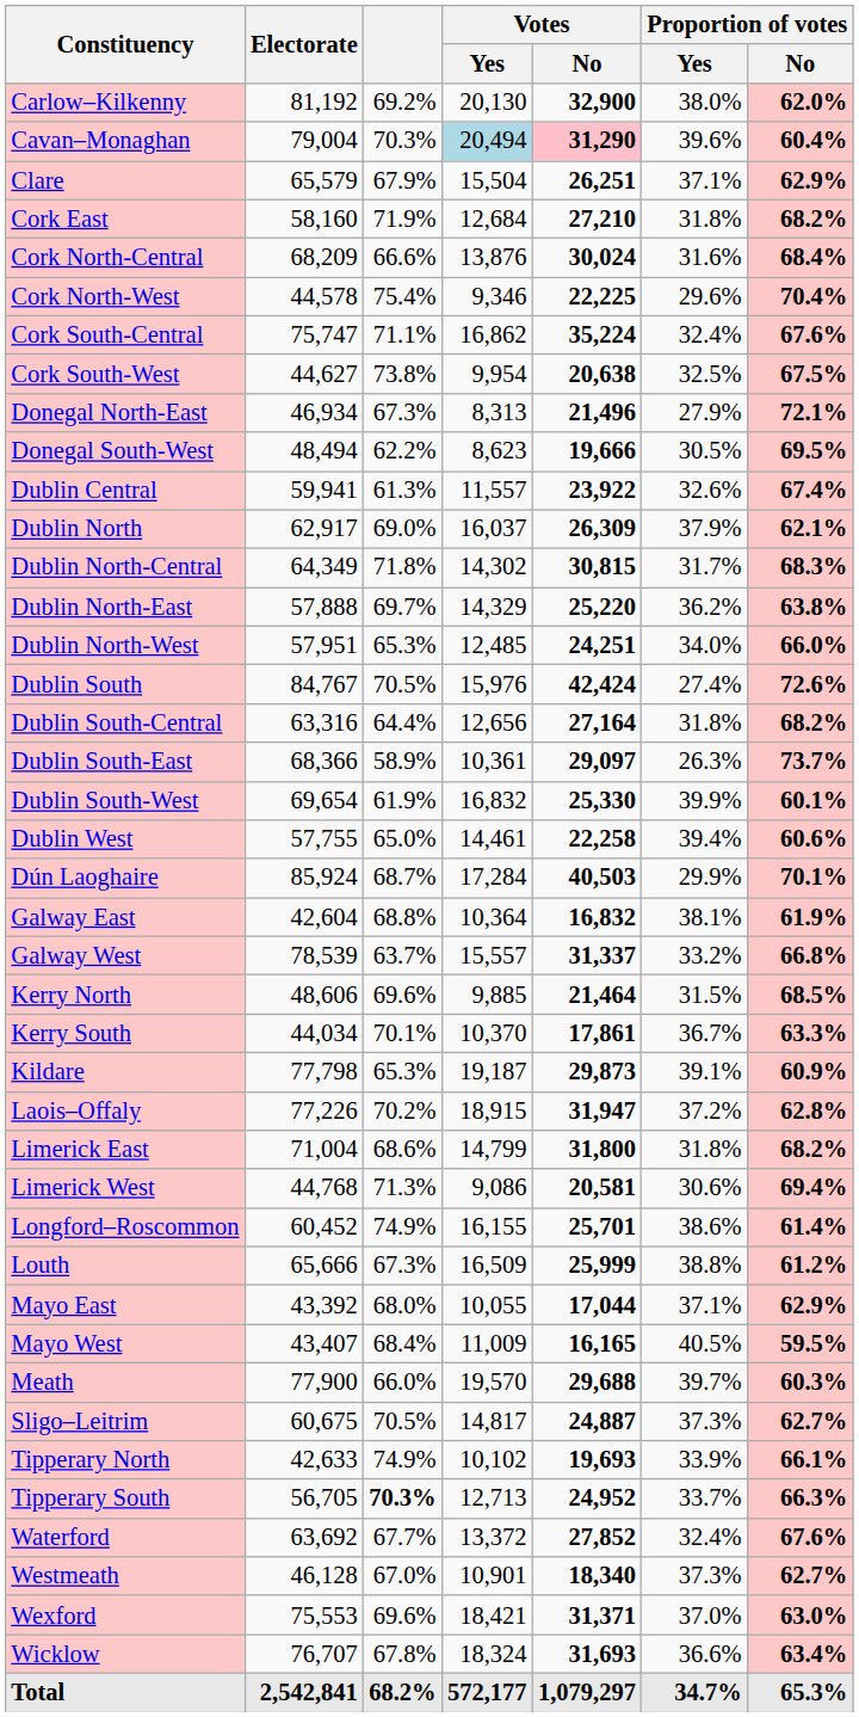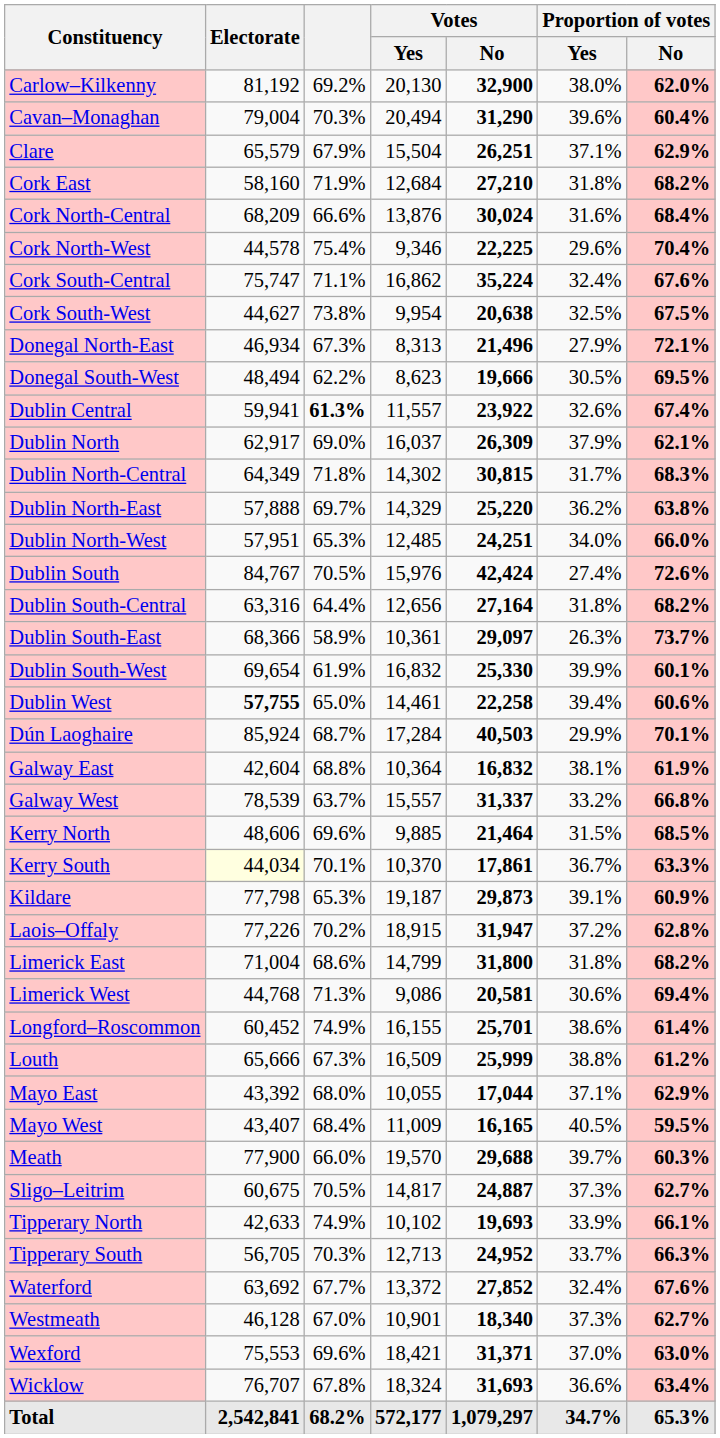 <table class="wikitable sortable">
 <tr>
 <th rowspan=2>Constituency</th>
 <th rowspan=2>Electorate</th>
 <th rowspan=2></th>
 <th colspan=2>Votes</th>
 <th colspan=2>Proportion of votes</th>
 </tr>
 <tr>
 <th>Yes</th>
 <th>No</th>
 <th>Yes</th>
 <th>No</th>
 </tr>
 <tr>
 <td style="background:#ffc8c8;"><a href='#'>Carlow–Kilkenny</a></td>
 <td style="text-align: right;">81,192</td>
 <td style="text-align: right;">69.2%</td>
 <td style="text-align: right;">20,130</td>
 <td style="text-align: right;"><strong>32,900</strong></td>
 <td style="text-align: right;">38.0%</td>
 <td style="text-align: right; background:#ffc8c8;"><strong>62.0%</strong></td>
 </tr>
 <tr>
 <td style="background:#ffc8c8;"><a href='#'>Cavan–Monaghan</a></td>
 <td style="text-align: right;">79,004</td>
 <td style="text-align: right;">70.3%</td>
-<td style="background: lightblue; text-align: right;">20,494</td>
-<td style="background: pink; text-align: right;"><strong>31,290</strong></td>
+<td style="text-align: right;">20,494</td>
+<td style="text-align: right;"><strong>31,290</strong></td>
 <td style="text-align: right;">39.6%</td>
 <td style="text-align: right; background:#ffc8c8;"><strong>60.4%</strong></td>
 </tr>
 <tr>
 <td style="background:#ffc8c8;"><a href='#'>Clare</a></td>
 <td style="text-align: right;">65,579</td>
 <td style="text-align: right;">67.9%</td>
 <td style="text-align: right;">15,504</td>
 <td style="text-align: right;"><strong>26,251</strong></td>
 <td style="text-align: right;">37.1%</td>
 <td style="text-align: right; background:#ffc8c8;"><strong>62.9%</strong></td>
 </tr>
 <tr>
 <td style="background:#ffc8c8;"><a href='#'>Cork East</a></td>
 <td style="text-align: right;">58,160</td>
 <td style="text-align: right;">71.9%</td>
 <td style="text-align: right;">12,684</td>
 <td style="text-align: right;"><strong>27,210</strong></td>
 <td style="text-align: right;">31.8%</td>
 <td style="text-align: right; background:#ffc8c8;"><strong>68.2%</strong></td>
 </tr>
 <tr>
 <td style="background:#ffc8c8;"><a href='#'>Cork North-Central</a></td>
 <td style="text-align: right;">68,209</td>
 <td style="text-align: right;">66.6%</td>
 <td style="text-align: right;">13,876</td>
 <td style="text-align: right;"><strong>30,024</strong></td>
 <td style="text-align: right;">31.6%</td>
 <td style="text-align: right; background:#ffc8c8;"><strong>68.4%</strong></td>
 </tr>
 <tr>
 <td style="background:#ffc8c8;"><a href='#'>Cork North-West</a></td>
 <td style="text-align: right;">44,578</td>
 <td style="text-align: right;">75.4%</td>
 <td style="text-align: right;">9,346</td>
 <td style="text-align: right;"><strong>22,225</strong></td>
 <td style="text-align: right;">29.6%</td>
 <td style="text-align: right; background:#ffc8c8;"><strong>70.4%</strong></td>
 </tr>
 <tr>
 <td style="background:#ffc8c8;"><a href='#'>Cork South-Central</a></td>
 <td style="text-align: right;">75,747</td>
 <td style="text-align: right;">71.1%</td>
 <td style="text-align: right;">16,862</td>
 <td style="text-align: right;"><strong>35,224</strong></td>
 <td style="text-align: right;">32.4%</td>
 <td style="text-align: right; background:#ffc8c8;"><strong>67.6%</strong></td>
 </tr>
 <tr>
 <td style="background:#ffc8c8;"><a href='#'>Cork South-West</a></td>
 <td style="text-align: right;">44,627</td>
 <td style="text-align: right;">73.8%</td>
 <td style="text-align: right;">9,954</td>
 <td style="text-align: right;"><strong>20,638</strong></td>
 <td style="text-align: right;">32.5%</td>
 <td style="text-align: right; background:#ffc8c8;"><strong>67.5%</strong></td>
 </tr>
 <tr>
 <td style="background:#ffc8c8;"><a href='#'>Donegal North-East</a></td>
 <td style="text-align: right;">46,934</td>
 <td style="text-align: right;">67.3%</td>
 <td style="text-align: right;">8,313</td>
 <td style="text-align: right;"><strong>21,496</strong></td>
 <td style="text-align: right;">27.9%</td>
 <td style="text-align: right; background:#ffc8c8;"><strong>72.1%</strong></td>
 </tr>
 <tr>
 <td style="background:#ffc8c8;"><a href='#'>Donegal South-West</a></td>
 <td style="text-align: right;">48,494</td>
 <td style="text-align: right;">62.2%</td>
 <td style="text-align: right;">8,623</td>
 <td style="text-align: right;"><strong>19,666</strong></td>
 <td style="text-align: right;">30.5%</td>
 <td style="text-align: right; background:#ffc8c8;"><strong>69.5%</strong></td>
 </tr>
 <tr>
 <td style="background:#ffc8c8;"><a href='#'>Dublin Central</a></td>
 <td style="text-align: right;">59,941</td>
-<td style="text-align: right;">61.3%</td>
+<td style="text-align: right;"><strong>61.3%</strong></td>
 <td style="text-align: right;">11,557</td>
 <td style="text-align: right;"><strong>23,922</strong></td>
 <td style="text-align: right;">32.6%</td>
 <td style="text-align: right; background:#ffc8c8;"><strong>67.4%</strong></td>
 </tr>
 <tr>
 <td style="background:#ffc8c8;"><a href='#'>Dublin North</a></td>
 <td style="text-align: right;">62,917</td>
 <td style="text-align: right;">69.0%</td>
 <td style="text-align: right;">16,037</td>
 <td style="text-align: right;"><strong>26,309</strong></td>
 <td style="text-align: right;">37.9%</td>
 <td style="text-align: right; background:#ffc8c8;"><strong>62.1%</strong></td>
 </tr>
 <tr>
 <td style="background:#ffc8c8;"><a href='#'>Dublin North-Central</a></td>
 <td style="text-align: right;">64,349</td>
 <td style="text-align: right;">71.8%</td>
 <td style="text-align: right;">14,302</td>
 <td style="text-align: right;"><strong>30,815</strong></td>
 <td style="text-align: right;">31.7%</td>
 <td style="text-align: right; background:#ffc8c8;"><strong>68.3%</strong></td>
 </tr>
 <tr>
 <td style="background:#ffc8c8;"><a href='#'>Dublin North-East</a></td>
 <td style="text-align: right;">57,888</td>
 <td style="text-align: right;">69.7%</td>
 <td style="text-align: right;">14,329</td>
 <td style="text-align: right;"><strong>25,220</strong></td>
 <td style="text-align: right;">36.2%</td>
 <td style="text-align: right; background:#ffc8c8;"><strong>63.8%</strong></td>
 </tr>
 <tr>
 <td style="background:#ffc8c8;"><a href='#'>Dublin North-West</a></td>
 <td style="text-align: right;">57,951</td>
 <td style="text-align: right;">65.3%</td>
 <td style="text-align: right;">12,485</td>
 <td style="text-align: right;"><strong>24,251</strong></td>
 <td style="text-align: right;">34.0%</td>
 <td style="text-align: right; background:#ffc8c8;"><strong>66.0%</strong></td>
 </tr>
 <tr>
 <td style="background:#ffc8c8;"><a href='#'>Dublin South</a></td>
 <td style="text-align: right;">84,767</td>
 <td style="text-align: right;">70.5%</td>
 <td style="text-align: right;">15,976</td>
 <td style="text-align: right;"><strong>42,424</strong></td>
 <td style="text-align: right;">27.4%</td>
 <td style="text-align: right; background:#ffc8c8;"><strong>72.6%</strong></td>
 </tr>
 <tr>
 <td style="background:#ffc8c8;"><a href='#'>Dublin South-Central</a></td>
 <td style="text-align: right;">63,316</td>
 <td style="text-align: right;">64.4%</td>
 <td style="text-align: right;">12,656</td>
 <td style="text-align: right;"><strong>27,164</strong></td>
 <td style="text-align: right;">31.8%</td>
 <td style="text-align: right; background:#ffc8c8;"><strong>68.2%</strong></td>
 </tr>
 <tr>
 <td style="background:#ffc8c8;"><a href='#'>Dublin South-East</a></td>
 <td style="text-align: right;">68,366</td>
 <td style="text-align: right;">58.9%</td>
 <td style="text-align: right;">10,361</td>
 <td style="text-align: right;"><strong>29,097</strong></td>
 <td style="text-align: right;">26.3%</td>
 <td style="text-align: right; background:#ffc8c8;"><strong>73.7%</strong></td>
 </tr>
 <tr>
 <td style="background:#ffc8c8;"><a href='#'>Dublin South-West</a></td>
 <td style="text-align: right;">69,654</td>
 <td style="text-align: right;">61.9%</td>
 <td style="text-align: right;">16,832</td>
 <td style="text-align: right;"><strong>25,330</strong></td>
 <td style="text-align: right;">39.9%</td>
 <td style="text-align: right; background:#ffc8c8;"><strong>60.1%</strong></td>
 </tr>
 <tr>
 <td style="background:#ffc8c8;"><a href='#'>Dublin West</a></td>
-<td style="text-align: right;">57,755</td>
+<td style="text-align: right;"><strong>57,755</strong></td>
 <td style="text-align: right;">65.0%</td>
 <td style="text-align: right;">14,461</td>
 <td style="text-align: right;"><strong>22,258</strong></td>
 <td style="text-align: right;">39.4%</td>
 <td style="text-align: right; background:#ffc8c8;"><strong>60.6%</strong></td>
 </tr>
 <tr>
 <td style="background:#ffc8c8;"><a href='#'>Dún Laoghaire</a></td>
 <td style="text-align: right;">85,924</td>
 <td style="text-align: right;">68.7%</td>
 <td style="text-align: right;">17,284</td>
 <td style="text-align: right;"><strong>40,503</strong></td>
 <td style="text-align: right;">29.9%</td>
 <td style="text-align: right; background:#ffc8c8;"><strong>70.1%</strong></td>
 </tr>
 <tr>
 <td style="background:#ffc8c8;"><a href='#'>Galway East</a></td>
 <td style="text-align: right;">42,604</td>
 <td style="text-align: right;">68.8%</td>
 <td style="text-align: right;">10,364</td>
 <td style="text-align: right;"><strong>16,832</strong></td>
 <td style="text-align: right;">38.1%</td>
 <td style="text-align: right; background:#ffc8c8;"><strong>61.9%</strong></td>
 </tr>
 <tr>
 <td style="background:#ffc8c8;"><a href='#'>Galway West</a></td>
 <td style="text-align: right;">78,539</td>
 <td style="text-align: right;">63.7%</td>
 <td style="text-align: right;">15,557</td>
 <td style="text-align: right;"><strong>31,337</strong></td>
 <td style="text-align: right;">33.2%</td>
 <td style="text-align: right; background:#ffc8c8;"><strong>66.8%</strong></td>
 </tr>
 <tr>
 <td style="background:#ffc8c8;"><a href='#'>Kerry North</a></td>
 <td style="text-align: right;">48,606</td>
 <td style="text-align: right;">69.6%</td>
 <td style="text-align: right;">9,885</td>
 <td style="text-align: right;"><strong>21,464</strong></td>
 <td style="text-align: right;">31.5%</td>
 <td style="text-align: right; background:#ffc8c8;"><strong>68.5%</strong></td>
 </tr>
 <tr>
 <td style="background:#ffc8c8;"><a href='#'>Kerry South</a></td>
-<td style="text-align: right;">44,034</td>
+<td style="background: lightyellow; text-align: right;">44,034</td>
 <td style="text-align: right;">70.1%</td>
 <td style="text-align: right;">10,370</td>
 <td style="text-align: right;"><strong>17,861</strong></td>
 <td style="text-align: right;">36.7%</td>
 <td style="text-align: right; background:#ffc8c8;"><strong>63.3%</strong></td>
 </tr>
 <tr>
 <td style="background:#ffc8c8;"><a href='#'>Kildare</a></td>
 <td style="text-align: right;">77,798</td>
 <td style="text-align: right;">65.3%</td>
 <td style="text-align: right;">19,187</td>
 <td style="text-align: right;"><strong>29,873</strong></td>
 <td style="text-align: right;">39.1%</td>
 <td style="text-align: right; background:#ffc8c8;"><strong>60.9%</strong></td>
 </tr>
 <tr>
 <td style="background:#ffc8c8;"><a href='#'>Laois–Offaly</a></td>
 <td style="text-align: right;">77,226</td>
 <td style="text-align: right;">70.2%</td>
 <td style="text-align: right;">18,915</td>
 <td style="text-align: right;"><strong>31,947</strong></td>
 <td style="text-align: right;">37.2%</td>
 <td style="text-align: right; background:#ffc8c8;"><strong>62.8%</strong></td>
 </tr>
 <tr>
 <td style="background:#ffc8c8;"><a href='#'>Limerick East</a></td>
 <td style="text-align: right;">71,004</td>
 <td style="text-align: right;">68.6%</td>
 <td style="text-align: right;">14,799</td>
 <td style="text-align: right;"><strong>31,800</strong></td>
 <td style="text-align: right;">31.8%</td>
 <td style="text-align: right; background:#ffc8c8;"><strong>68.2%</strong></td>
 </tr>
 <tr>
 <td style="background:#ffc8c8;"><a href='#'>Limerick West</a></td>
 <td style="text-align: right;">44,768</td>
 <td style="text-align: right;">71.3%</td>
 <td style="text-align: right;">9,086</td>
 <td style="text-align: right;"><strong>20,581</strong></td>
 <td style="text-align: right;">30.6%</td>
 <td style="text-align: right; background:#ffc8c8;"><strong>69.4%</strong></td>
 </tr>
 <tr>
 <td style="background:#ffc8c8;"><a href='#'>Longford–Roscommon</a></td>
 <td style="text-align: right;">60,452</td>
 <td style="text-align: right;">74.9%</td>
 <td style="text-align: right;">16,155</td>
 <td style="text-align: right;"><strong>25,701</strong></td>
 <td style="text-align: right;">38.6%</td>
 <td style="text-align: right; background:#ffc8c8;"><strong>61.4%</strong></td>
 </tr>
 <tr>
 <td style="background:#ffc8c8;"><a href='#'>Louth</a></td>
 <td style="text-align: right;">65,666</td>
 <td style="text-align: right;">67.3%</td>
 <td style="text-align: right;">16,509</td>
 <td style="text-align: right;"><strong>25,999</strong></td>
 <td style="text-align: right;">38.8%</td>
 <td style="text-align: right; background:#ffc8c8;"><strong>61.2%</strong></td>
 </tr>
 <tr>
 <td style="background:#ffc8c8;"><a href='#'>Mayo East</a></td>
 <td style="text-align: right;">43,392</td>
 <td style="text-align: right;">68.0%</td>
 <td style="text-align: right;">10,055</td>
 <td style="text-align: right;"><strong>17,044</strong></td>
 <td style="text-align: right;">37.1%</td>
 <td style="text-align: right; background:#ffc8c8;"><strong>62.9%</strong></td>
 </tr>
 <tr>
 <td style="background:#ffc8c8;"><a href='#'>Mayo West</a></td>
 <td style="text-align: right;">43,407</td>
 <td style="text-align: right;">68.4%</td>
 <td style="text-align: right;">11,009</td>
 <td style="text-align: right;"><strong>16,165</strong></td>
 <td style="text-align: right;">40.5%</td>
 <td style="text-align: right; background:#ffc8c8;"><strong>59.5%</strong></td>
 </tr>
 <tr>
 <td style="background:#ffc8c8;"><a href='#'>Meath</a></td>
 <td style="text-align: right;">77,900</td>
 <td style="text-align: right;">66.0%</td>
 <td style="text-align: right;">19,570</td>
 <td style="text-align: right;"><strong>29,688</strong></td>
 <td style="text-align: right;">39.7%</td>
 <td style="text-align: right; background:#ffc8c8;"><strong>60.3%</strong></td>
 </tr>
 <tr>
 <td style="background:#ffc8c8;"><a href='#'>Sligo–Leitrim</a></td>
 <td style="text-align: right;">60,675</td>
 <td style="text-align: right;">70.5%</td>
 <td style="text-align: right;">14,817</td>
 <td style="text-align: right;"><strong>24,887</strong></td>
 <td style="text-align: right;">37.3%</td>
 <td style="text-align: right; background:#ffc8c8;"><strong>62.7%</strong></td>
 </tr>
 <tr>
 <td style="background:#ffc8c8;"><a href='#'>Tipperary North</a></td>
 <td style="text-align: right;">42,633</td>
 <td style="text-align: right;">74.9%</td>
 <td style="text-align: right;">10,102</td>
 <td style="text-align: right;"><strong>19,693</strong></td>
 <td style="text-align: right;">33.9%</td>
 <td style="text-align: right; background:#ffc8c8;"><strong>66.1%</strong></td>
 </tr>
 <tr>
 <td style="background:#ffc8c8;"><a href='#'>Tipperary South</a></td>
 <td style="text-align: right;">56,705</td>
-<td style="text-align: right;"><strong>70.3%</strong></td>
+<td style="text-align: right;">70.3%</td>
 <td style="text-align: right;">12,713</td>
 <td style="text-align: right;"><strong>24,952</strong></td>
 <td style="text-align: right;">33.7%</td>
 <td style="text-align: right; background:#ffc8c8;"><strong>66.3%</strong></td>
 </tr>
 <tr>
 <td style="background:#ffc8c8;"><a href='#'>Waterford</a></td>
 <td style="text-align: right;">63,692</td>
 <td style="text-align: right;">67.7%</td>
 <td style="text-align: right;">13,372</td>
 <td style="text-align: right;"><strong>27,852</strong></td>
 <td style="text-align: right;">32.4%</td>
 <td style="text-align: right; background:#ffc8c8;"><strong>67.6%</strong></td>
 </tr>
 <tr>
 <td style="background:#ffc8c8;"><a href='#'>Westmeath</a></td>
 <td style="text-align: right;">46,128</td>
 <td style="text-align: right;">67.0%</td>
 <td style="text-align: right;">10,901</td>
 <td style="text-align: right;"><strong>18,340</strong></td>
 <td style="text-align: right;">37.3%</td>
 <td style="text-align: right; background:#ffc8c8;"><strong>62.7%</strong></td>
 </tr>
 <tr>
 <td style="background:#ffc8c8;"><a href='#'>Wexford</a></td>
 <td style="text-align: right;">75,553</td>
 <td style="text-align: right;">69.6%</td>
 <td style="text-align: right;">18,421</td>
 <td style="text-align: right;"><strong>31,371</strong></td>
 <td style="text-align: right;">37.0%</td>
 <td style="text-align: right; background:#ffc8c8;"><strong>63.0%</strong></td>
 </tr>
 <tr>
 <td style="background:#ffc8c8;"><a href='#'>Wicklow</a></td>
 <td style="text-align: right;">76,707</td>
 <td style="text-align: right;">67.8%</td>
 <td style="text-align: right;">18,324</td>
 <td style="text-align: right;"><strong>31,693</strong></td>
 <td style="text-align: right;">36.6%</td>
 <td style="text-align: right; background:#ffc8c8;"><strong>63.4%</strong></td>
 </tr>
 <tr class="sortbottom" style="font-weight:bold; background:rgb(232,232,232);">
 <td>Total</td>
 <td style="text-align: right;">2,542,841</td>
 <td style="text-align: right;">68.2%</td>
 <td style="text-align: right;">572,177</td>
 <td style="text-align: right;">1,079,297</td>
 <td style="text-align: right;">34.7%</td>
 <td style="text-align: right;">65.3%</td>
 </tr>
 </table>
